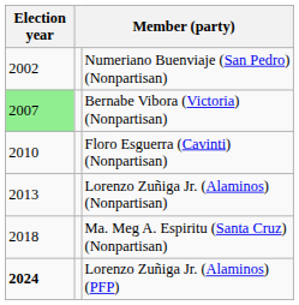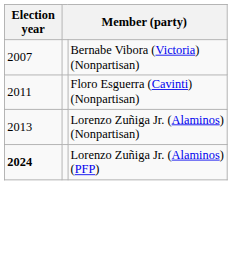 <table class="wikitable" style="font-size:90%">
 <tr>
 <th width="60px">Election<br>year</th>
 <th colspan="2" width="140px">Member (party)</th>
 </tr>
 <tr>
-<td>2002</td>
-<td></td>
-<td>Numeriano Buenviaje (<a href='#'>San Pedro</a>)<br>(Nonpartisan)</td>
-</tr>
-<tr>
-<td style="background: lightgreen;">2007</td>
+<td>2007</td>
 <td></td>
 <td>Bernabe Vibora (<a href='#'>Victoria</a>)<br>(Nonpartisan)</td>
 </tr>
 <tr>
-<td>2010</td>
+<td>2011</td>
 <td></td>
 <td>Floro Esguerra (<a href='#'>Cavinti</a>)<br>(Nonpartisan)</td>
 </tr>
 <tr>
 <td>2013</td>
 <td></td>
 <td>Lorenzo Zuñiga Jr. (<a href='#'>Alaminos</a>)<br>(Nonpartisan)</td>
 </tr>
 <tr>
-<td>2018</td>
-<td></td>
-<td>Ma. Meg A. Espiritu (<a href='#'>Santa Cruz</a>)<br>(Nonpartisan)</td>
-</tr>
-<tr>
 <td><strong>2024</strong></td>
 <td></td>
 <td>Lorenzo Zuñiga Jr. (<a href='#'>Alaminos</a>)<br>(<a href='#'>PFP</a>)</td>
 </tr>
 </table>
